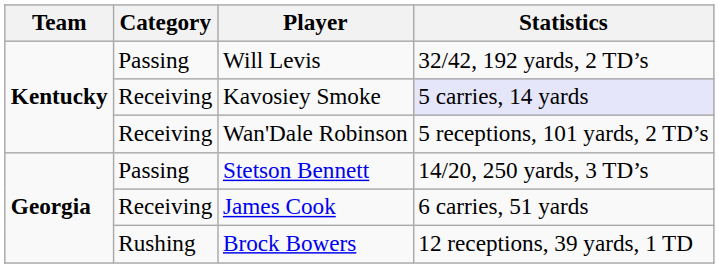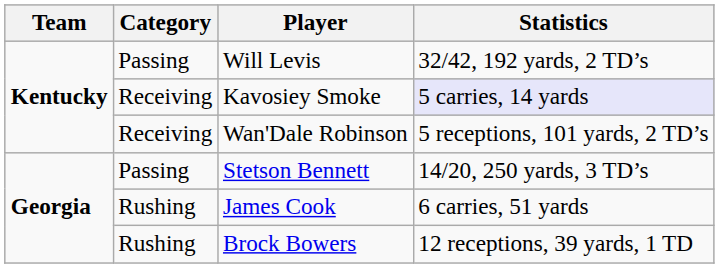 <table class="wikitable" style="float: right;">
 <tr>
 <th>Team</th>
 <th>Category</th>
 <th>Player</th>
 <th>Statistics</th>
 </tr>
 <tr>
 <td rowspan=3><strong>Kentucky</strong></td>
 <td>Passing</td>
 <td>Will Levis</td>
 <td>32/42, 192 yards, 2 TD’s</td>
 </tr>
 <tr>
 <td>Receiving</td>
 <td>Kavosiey Smoke</td>
 <td style="background: lavender;">5 carries, 14 yards</td>
 </tr>
 <tr>
 <td>Receiving</td>
 <td>Wan'Dale Robinson</td>
 <td>5 receptions, 101 yards, 2 TD’s</td>
 </tr>
 <tr>
 <td rowspan=3><strong>Georgia</strong></td>
 <td>Passing</td>
 <td><a href='#'>Stetson Bennett</a></td>
 <td>14/20, 250 yards, 3 TD’s</td>
 </tr>
 <tr>
-<td>Receiving</td>
+<td>Rushing</td>
 <td><a href='#'>James Cook</a></td>
 <td>6 carries, 51 yards</td>
 </tr>
 <tr>
 <td>Rushing</td>
 <td><a href='#'>Brock Bowers</a></td>
 <td>12 receptions, 39 yards, 1 TD</td>
 </tr>
 </table>
